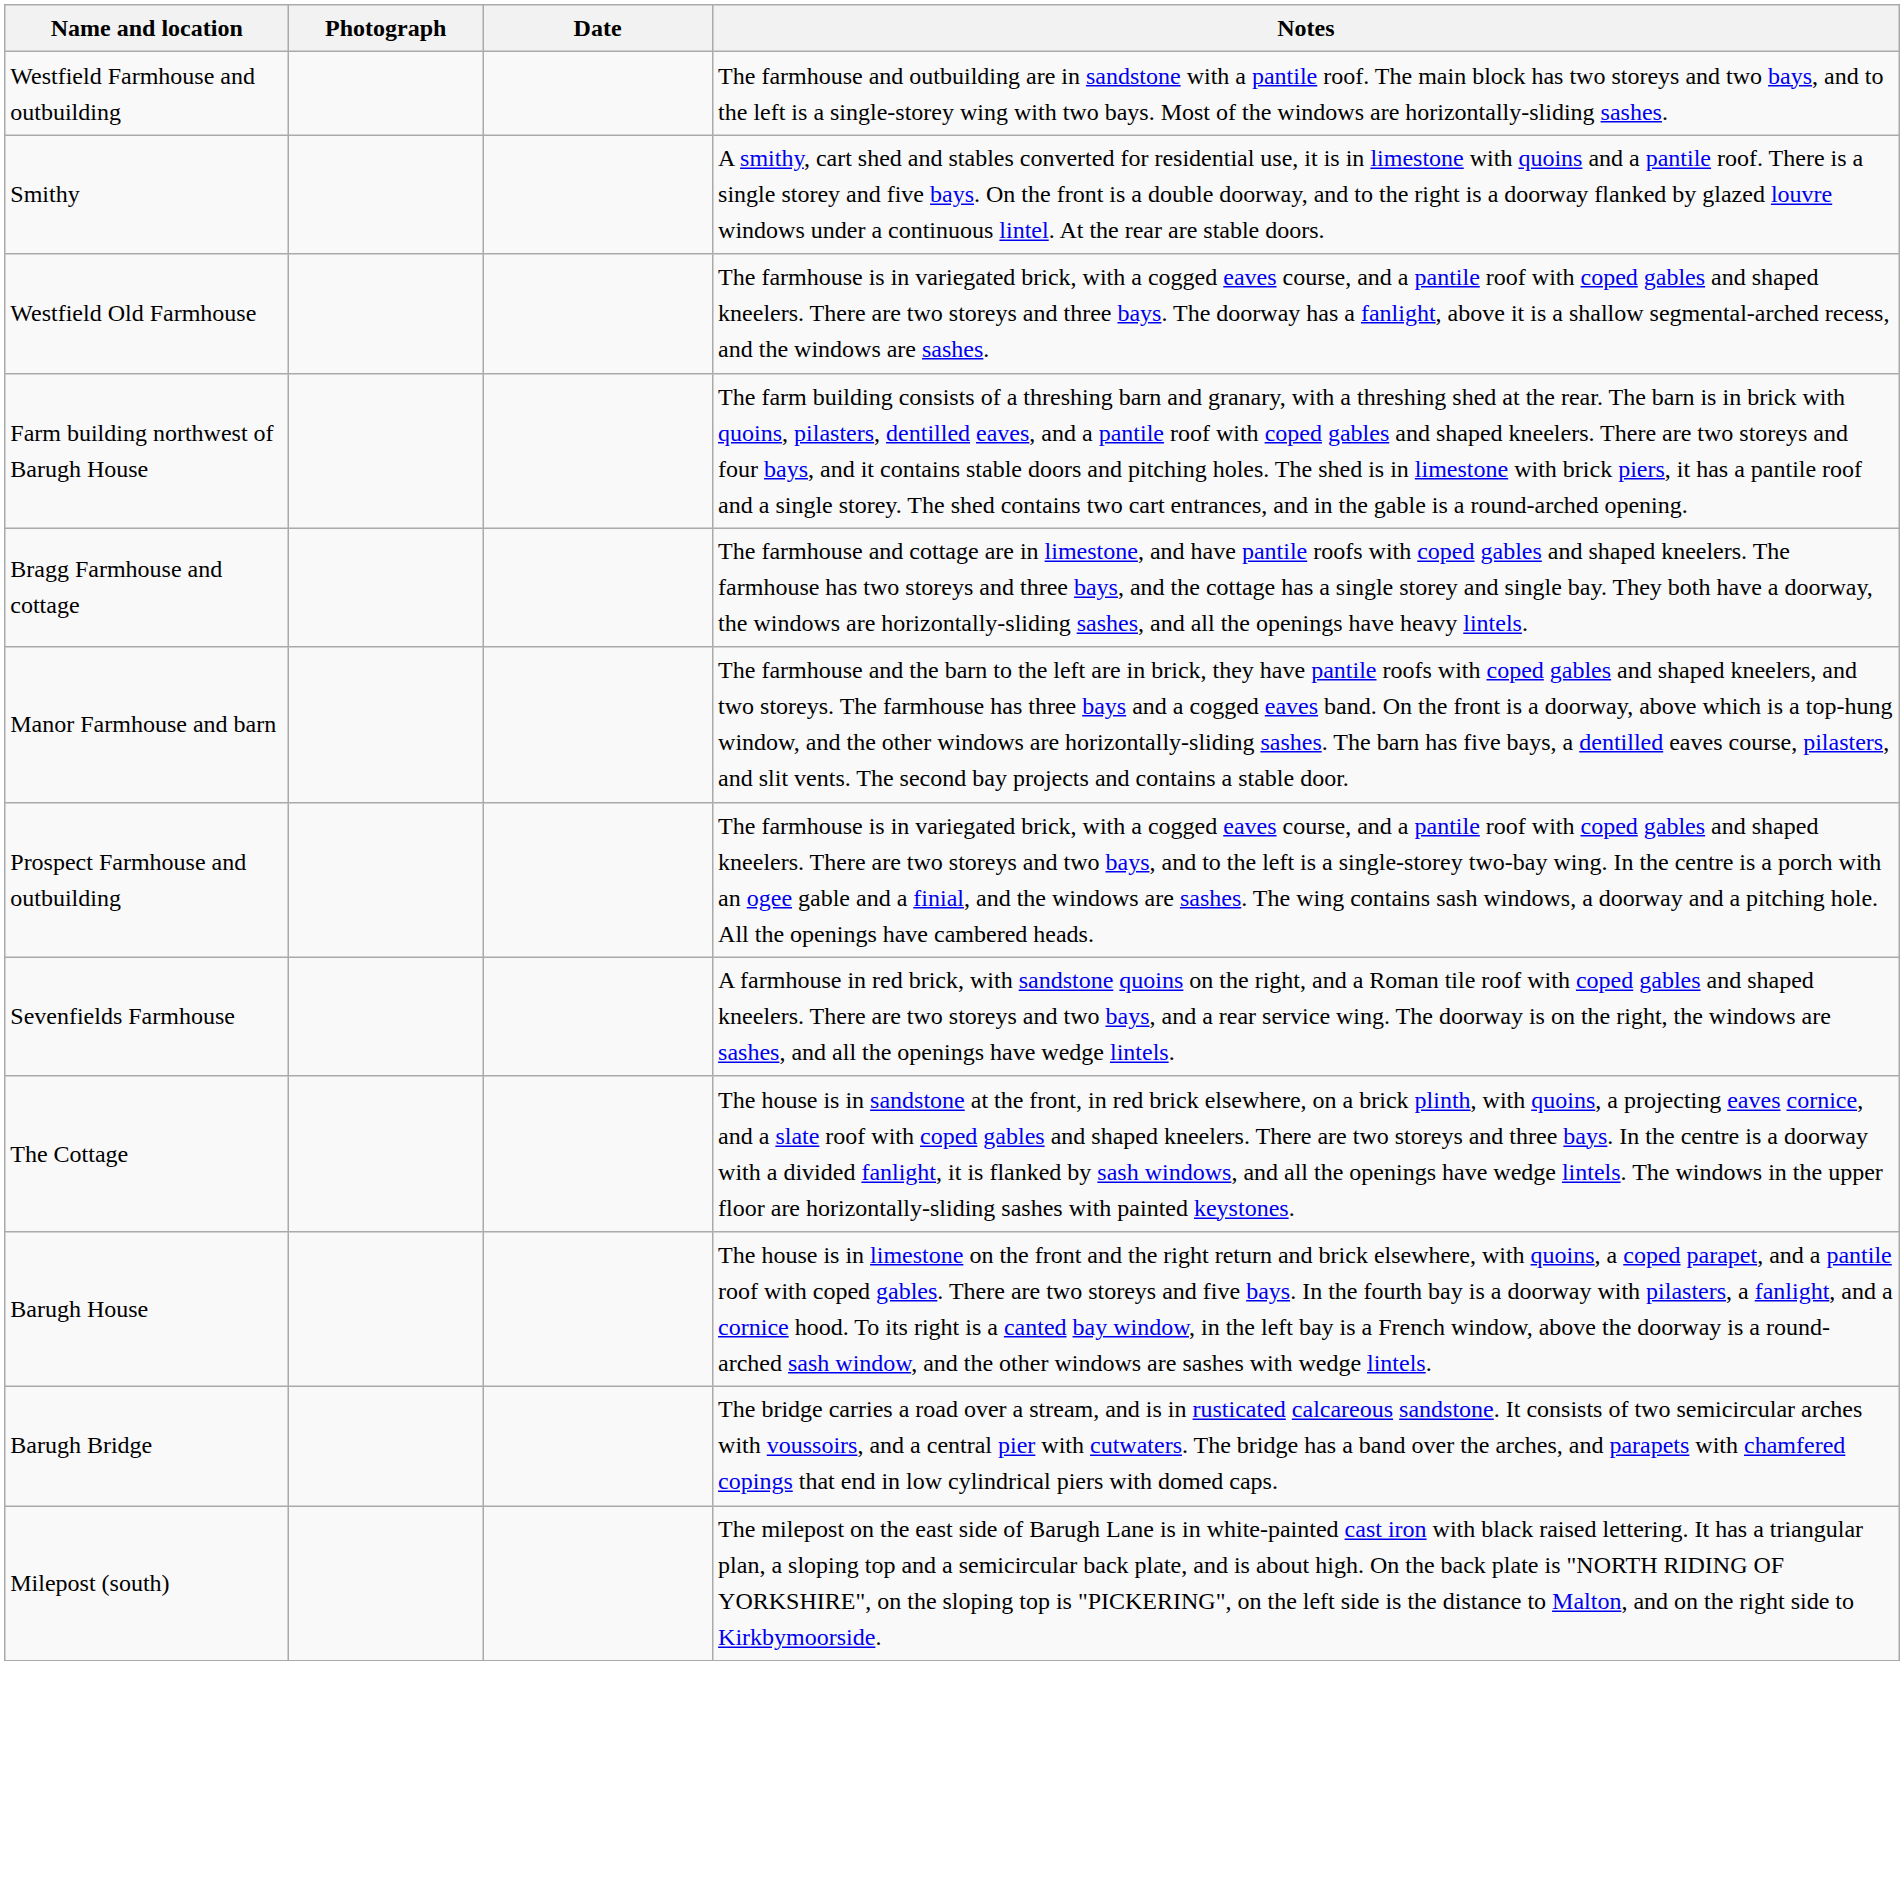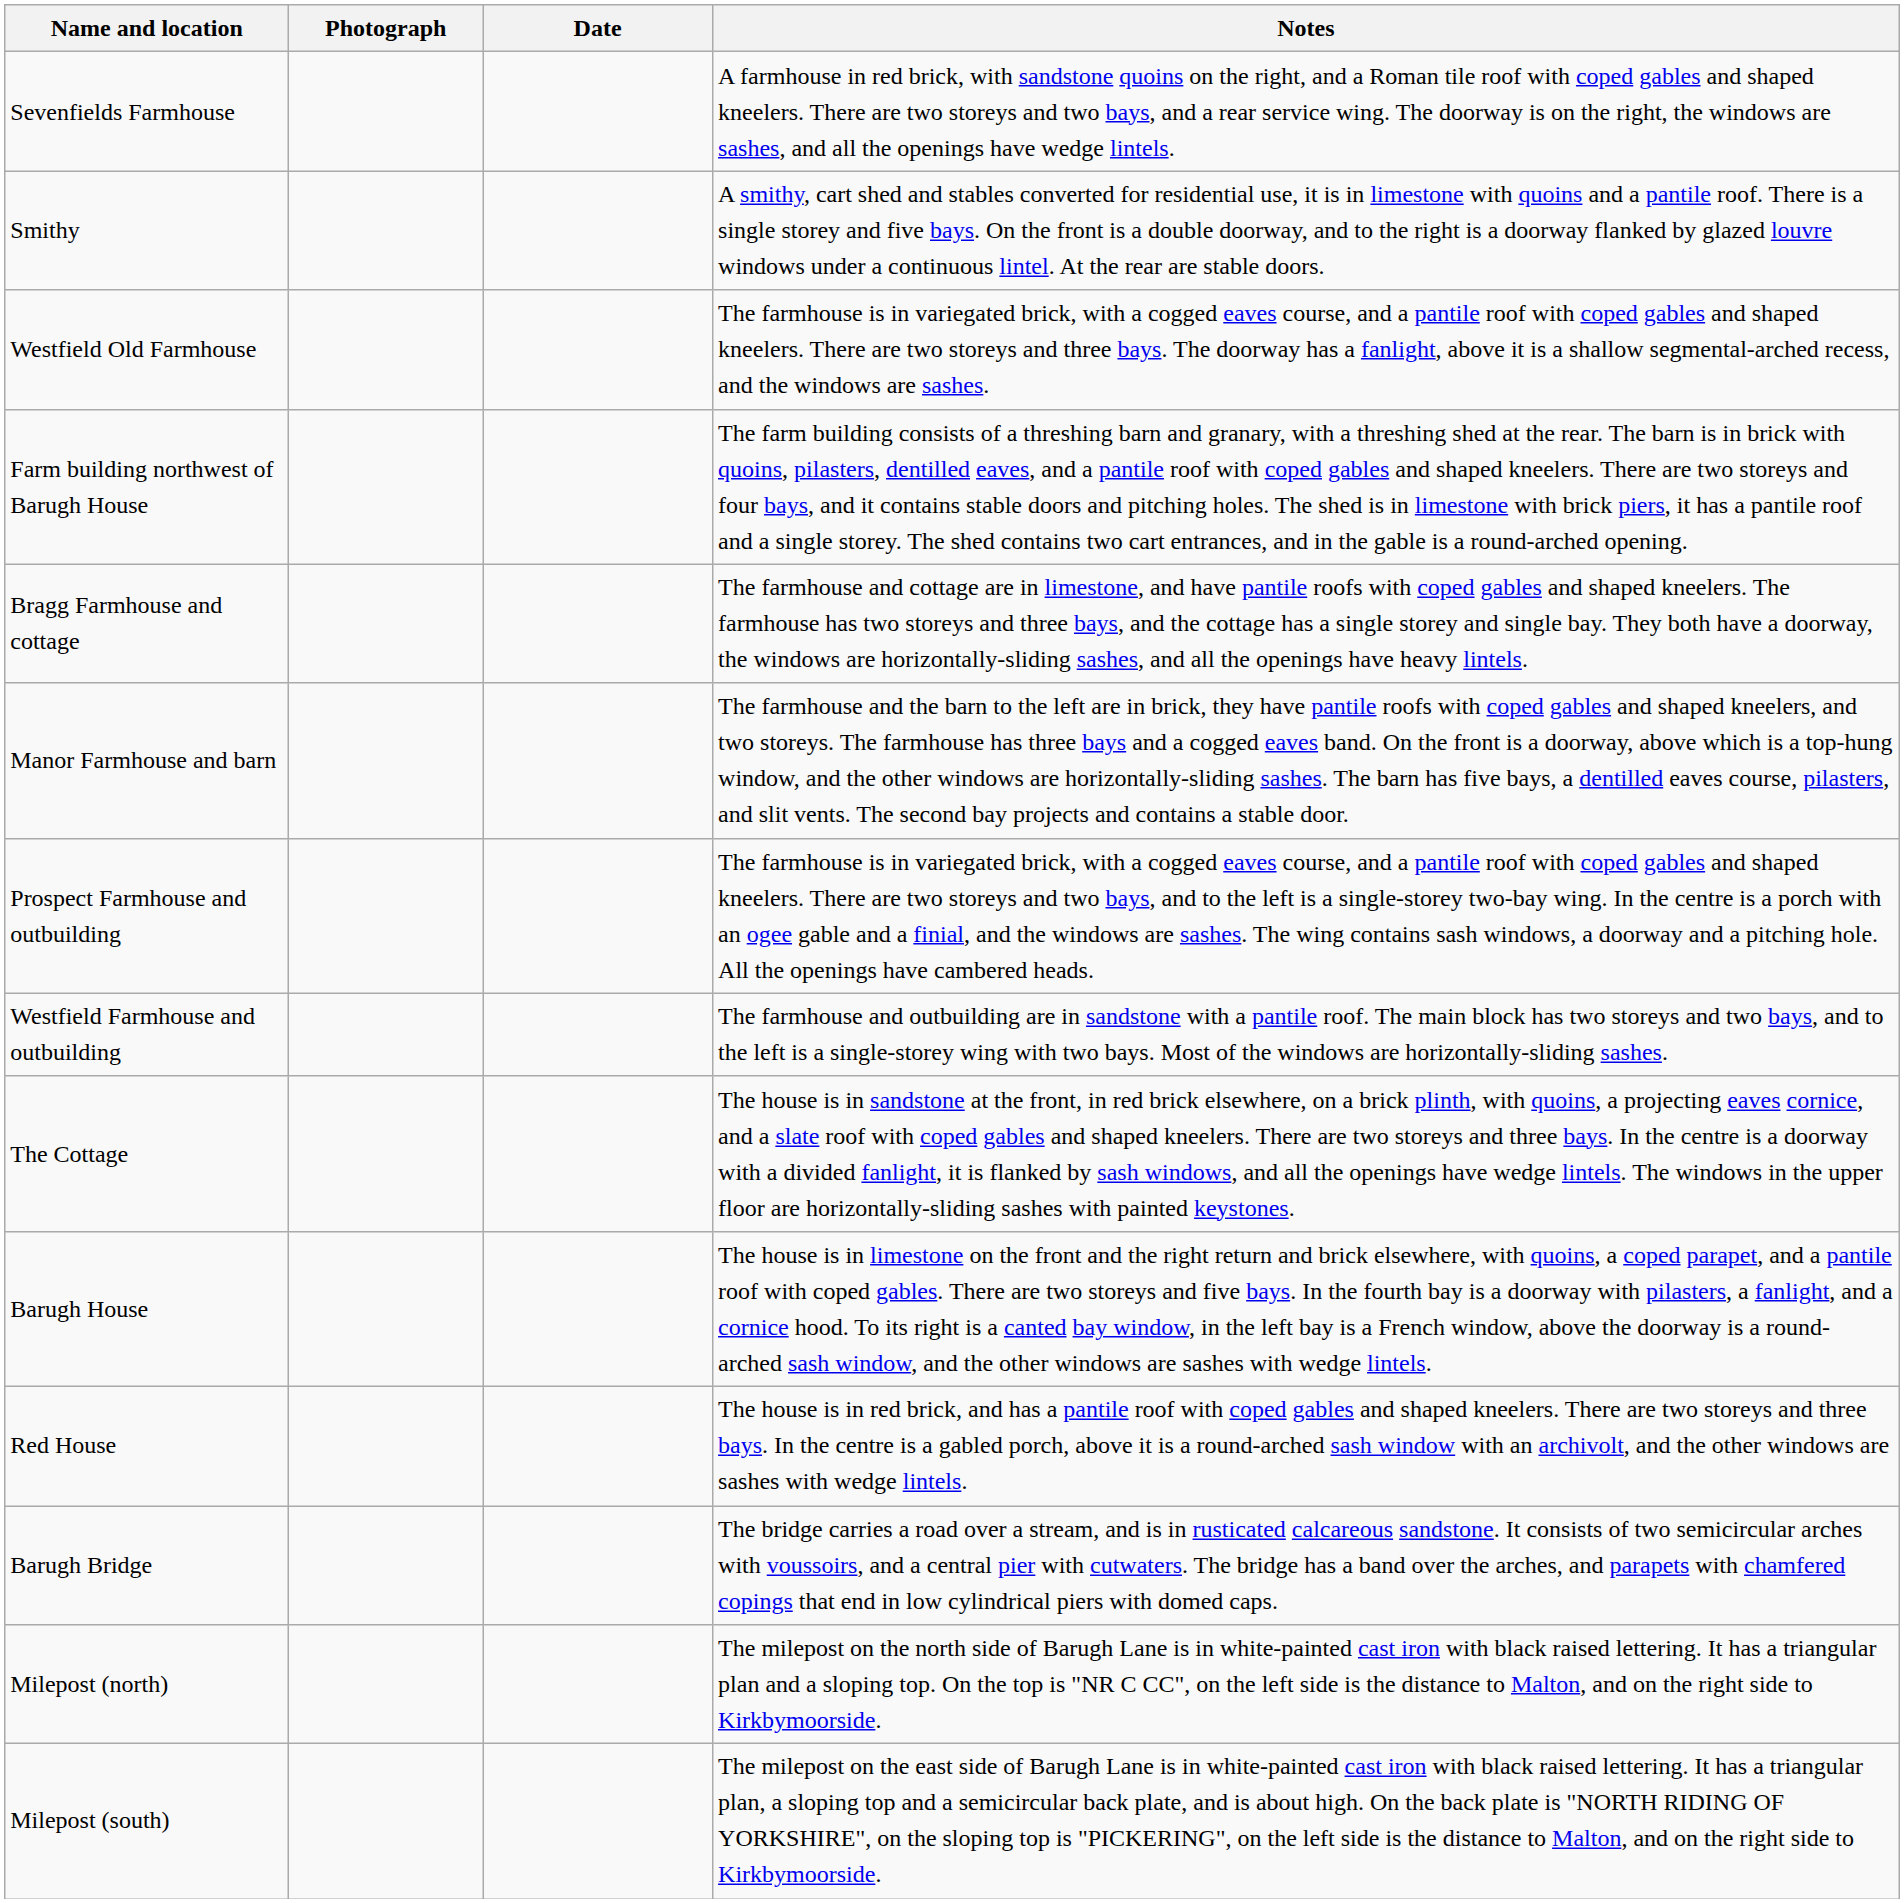 <table class="wikitable sortable plainrowheaders" style="width:100%;border:0px;text-align:left;line-height:150%;">
 <tr>
 <th scope="col"  style="width:150px">Name and location</th>
 <th scope="col"  style="width:100px" class="unsortable">Photograph</th>
 <th scope="col"  style="width:120px">Date</th>
 <th scope="col"  style="width:650px" class="unsortable">Notes</th>
 </tr>
 <tr>
-<td>Westfield Farmhouse and outbuilding<br><small></small></td>
+<td>Sevenfields Farmhouse<br><small></small></td>
 <td></td>
 <td align="center"></td>
-<td>The farmhouse and outbuilding are in <a href='#'>sandstone</a> with a <a href='#'>pantile</a> roof.  The main block has two storeys and two <a href='#'>bays</a>, and to the left is a single-storey wing with two bays.  Most of the windows are horizontally-sliding <a href='#'>sashes</a>.</td>
+<td>A farmhouse in red brick, with <a href='#'>sandstone</a> <a href='#'>quoins</a> on the right, and a Roman tile roof with <a href='#'>coped</a> <a href='#'>gables</a> and shaped kneelers.  There are two storeys and two <a href='#'>bays</a>, and a rear service wing.  The doorway is on the right, the windows are <a href='#'>sashes</a>, and all the openings have wedge <a href='#'>lintels</a>.</td>
 </tr>
 <tr>
 <td>Smithy<br><small></small></td>
 <td></td>
 <td align="center"></td>
 <td>A <a href='#'>smithy</a>, cart shed and stables converted for residential use, it is in <a href='#'>limestone</a> with <a href='#'>quoins</a> and a <a href='#'>pantile</a> roof.  There is a single storey and five <a href='#'>bays</a>.  On the front is a double doorway, and to the right is a doorway flanked by glazed <a href='#'>louvre</a> windows under a continuous <a href='#'>lintel</a>.  At the rear are stable doors.</td>
 </tr>
 <tr>
 <td>Westfield Old Farmhouse<br><small></small></td>
 <td></td>
 <td align="center"></td>
 <td>The farmhouse is in variegated brick, with a cogged <a href='#'>eaves</a> course, and a <a href='#'>pantile</a> roof with <a href='#'>coped</a> <a href='#'>gables</a> and shaped kneelers.  There are two storeys and three <a href='#'>bays</a>.  The doorway has a <a href='#'>fanlight</a>, above it is a shallow segmental-arched recess, and the windows are <a href='#'>sashes</a>.</td>
 </tr>
 <tr>
 <td>Farm building northwest of Barugh House<br><small></small></td>
 <td></td>
 <td align="center"></td>
 <td>The farm building consists of a threshing barn and granary, with a threshing shed at the rear.  The barn is in brick with <a href='#'>quoins</a>, <a href='#'>pilasters</a>, <a href='#'>dentilled</a> <a href='#'>eaves</a>, and a <a href='#'>pantile</a> roof with <a href='#'>coped</a> <a href='#'>gables</a> and shaped kneelers.  There are two storeys and four <a href='#'>bays</a>, and it contains stable doors and pitching holes.  The shed is in <a href='#'>limestone</a> with brick <a href='#'>piers</a>, it has a pantile roof and a single storey.  The shed contains two cart entrances, and in the gable is a round-arched opening.</td>
 </tr>
 <tr>
 <td>Bragg Farmhouse and cottage<br><small></small></td>
 <td></td>
 <td align="center"></td>
 <td>The farmhouse and cottage are in <a href='#'>limestone</a>, and have <a href='#'>pantile</a> roofs with <a href='#'>coped</a> <a href='#'>gables</a> and shaped kneelers.  The farmhouse has two storeys and three <a href='#'>bays</a>, and the cottage has a single storey and single bay.  They both have a doorway, the windows are horizontally-sliding <a href='#'>sashes</a>, and all the openings have heavy <a href='#'>lintels</a>.</td>
 </tr>
 <tr>
 <td>Manor Farmhouse and barn<br><small></small></td>
 <td></td>
 <td align="center"></td>
 <td>The farmhouse and the barn to the left are in brick, they have <a href='#'>pantile</a> roofs with <a href='#'>coped</a> <a href='#'>gables</a> and shaped kneelers, and two storeys.  The farmhouse has three <a href='#'>bays</a> and a cogged <a href='#'>eaves</a> band.   On the front is a doorway, above which is a top-hung window, and the other windows are horizontally-sliding <a href='#'>sashes</a>.  The barn has five bays, a <a href='#'>dentilled</a> eaves course, <a href='#'>pilasters</a>, and slit vents.  The second bay projects and contains a stable door.</td>
 </tr>
 <tr>
 <td>Prospect Farmhouse and outbuilding<br><small></small></td>
 <td></td>
 <td align="center"></td>
 <td>The farmhouse is in variegated brick, with a cogged <a href='#'>eaves</a> course, and a <a href='#'>pantile</a> roof with <a href='#'>coped</a> <a href='#'>gables</a> and shaped kneelers.  There are two storeys and two <a href='#'>bays</a>, and to the left is a single-storey two-bay wing.  In the centre is a porch with an <a href='#'>ogee</a> gable and a <a href='#'>finial</a>, and the windows are <a href='#'>sashes</a>.  The wing contains sash windows, a doorway and a pitching hole.  All the openings have cambered heads.</td>
 </tr>
 <tr>
-<td>Sevenfields Farmhouse<br><small></small></td>
+<td>Westfield Farmhouse and outbuilding<br><small></small></td>
 <td></td>
 <td align="center"></td>
-<td>A farmhouse in red brick, with <a href='#'>sandstone</a> <a href='#'>quoins</a> on the right, and a Roman tile roof with <a href='#'>coped</a> <a href='#'>gables</a> and shaped kneelers.  There are two storeys and two <a href='#'>bays</a>, and a rear service wing.  The doorway is on the right, the windows are <a href='#'>sashes</a>, and all the openings have wedge <a href='#'>lintels</a>.</td>
+<td>The farmhouse and outbuilding are in <a href='#'>sandstone</a> with a <a href='#'>pantile</a> roof.  The main block has two storeys and two <a href='#'>bays</a>, and to the left is a single-storey wing with two bays.  Most of the windows are horizontally-sliding <a href='#'>sashes</a>.</td>
 </tr>
 <tr>
 <td>The Cottage<br><small></small></td>
 <td></td>
 <td align="center"></td>
 <td>The house is in <a href='#'>sandstone</a> at the front, in red brick elsewhere, on a brick <a href='#'>plinth</a>, with <a href='#'>quoins</a>, a projecting <a href='#'>eaves</a> <a href='#'>cornice</a>, and a <a href='#'>slate</a> roof with <a href='#'>coped</a> <a href='#'>gables</a> and shaped kneelers.  There are two storeys and three <a href='#'>bays</a>.  In the centre is a doorway with a divided <a href='#'>fanlight</a>, it is flanked by <a href='#'>sash windows</a>, and all the openings have wedge <a href='#'>lintels</a>.  The windows in the upper floor are horizontally-sliding sashes with painted <a href='#'>keystones</a>.</td>
 </tr>
 <tr>
 <td>Barugh House<br><small></small></td>
 <td></td>
 <td align="center"></td>
 <td>The house is in <a href='#'>limestone</a> on the front and the right return and brick elsewhere, with <a href='#'>quoins</a>, a <a href='#'>coped</a> <a href='#'>parapet</a>, and a <a href='#'>pantile</a> roof with coped <a href='#'>gables</a>.  There are two storeys and five <a href='#'>bays</a>.  In the fourth bay is a doorway with <a href='#'>pilasters</a>, a <a href='#'>fanlight</a>, and a <a href='#'>cornice</a> hood.  To its right is a <a href='#'>canted</a> <a href='#'>bay window</a>, in the left bay is a French window, above the doorway is a round-arched <a href='#'>sash window</a>, and the other windows are sashes with wedge <a href='#'>lintels</a>.</td>
 </tr>
 <tr>
+<td>Red House<br><small></small></td>
+<td></td>
+<td align="center"></td>
+<td>The house is in red brick, and has a <a href='#'>pantile</a> roof with <a href='#'>coped</a> <a href='#'>gables</a> and shaped kneelers.  There are two storeys and three <a href='#'>bays</a>.  In the centre is a gabled porch, above it is a round-arched <a href='#'>sash window</a> with an <a href='#'>archivolt</a>, and the other windows are sashes with wedge <a href='#'>lintels</a>.</td>
+</tr>
+<tr>
 <td>Barugh Bridge<br><small></small></td>
 <td></td>
 <td align="center"></td>
 <td>The bridge carries a road over a stream, and is in <a href='#'>rusticated</a> <a href='#'>calcareous</a> <a href='#'>sandstone</a>.  It consists of two semicircular arches with <a href='#'>voussoirs</a>, and a central <a href='#'>pier</a> with <a href='#'>cutwaters</a>.  The bridge has a band over the arches, and <a href='#'>parapets</a> with <a href='#'>chamfered</a> <a href='#'>copings</a> that end in low cylindrical piers with domed caps.</td>
+</tr>
+<tr>
+<td>Milepost (north)<br><small></small></td>
+<td></td>
+<td align="center"></td>
+<td>The milepost on the north side of Barugh Lane is in white-painted <a href='#'>cast iron</a> with black raised lettering.  It has a triangular plan and a sloping top.  On the top is "NR C CC", on the left side is the distance to <a href='#'>Malton</a>, and on the right side to <a href='#'>Kirkbymoorside</a>.</td>
 </tr>
 <tr>
 <td>Milepost (south)<br><small></small></td>
 <td></td>
 <td align="center"></td>
 <td>The milepost on the east side of Barugh Lane is in white-painted <a href='#'>cast iron</a> with black raised lettering.  It has a triangular plan, a sloping top and a semicircular back plate, and is about  high.  On the back plate is "NORTH RIDING OF YORKSHIRE", on the sloping top is "PICKERING", on the left side is the distance to <a href='#'>Malton</a>, and on the right side to <a href='#'>Kirkbymoorside</a>.</td>
 </tr>
 </table>
